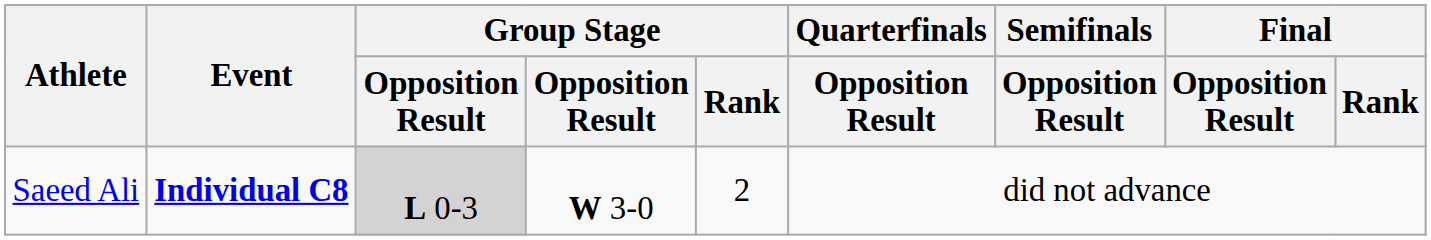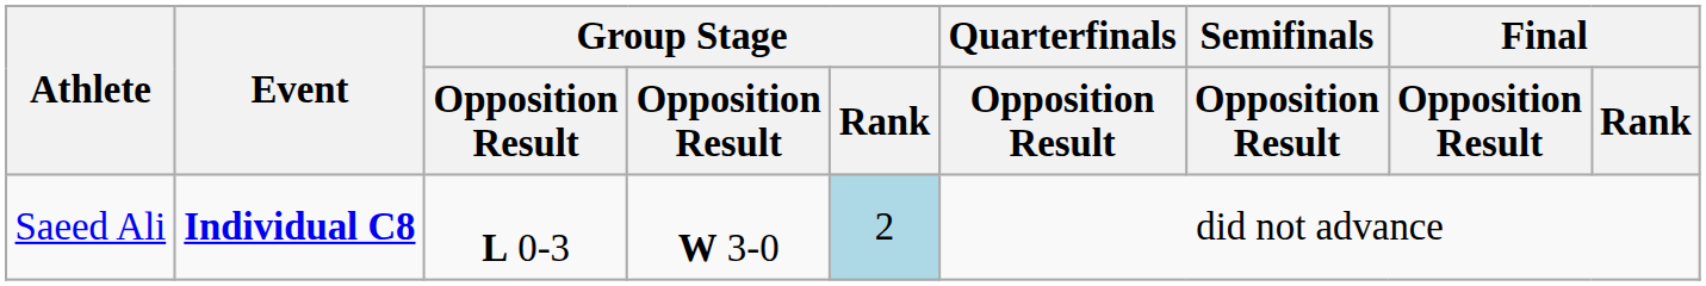 <table class=wikitable>
 <tr>
 <th rowspan="2">Athlete</th>
 <th rowspan="2">Event</th>
 <th colspan="3">Group Stage</th>
 <th>Quarterfinals</th>
 <th>Semifinals</th>
 <th colspan="2">Final</th>
 </tr>
 <tr>
 <th>Opposition<br>Result</th>
 <th>Opposition<br>Result</th>
 <th>Rank</th>
 <th>Opposition<br>Result</th>
 <th>Opposition<br>Result</th>
 <th>Opposition<br>Result</th>
 <th>Rank</th>
 </tr>
 <tr align=center>
 <td align=left><a href='#'>Saeed Ali</a></td>
 <td align=left><strong><a href='#'>Individual C8</a></strong></td>
-<td style="background: lightgrey;"><br> <strong>L</strong> 0-3</td>
+<td><br> <strong>L</strong> 0-3</td>
 <td><br> <strong>W</strong> 3-0</td>
-<td>2</td>
+<td style="background: lightblue;">2</td>
 <td colspan=4>did not advance</td>
 </tr>
 </table>
